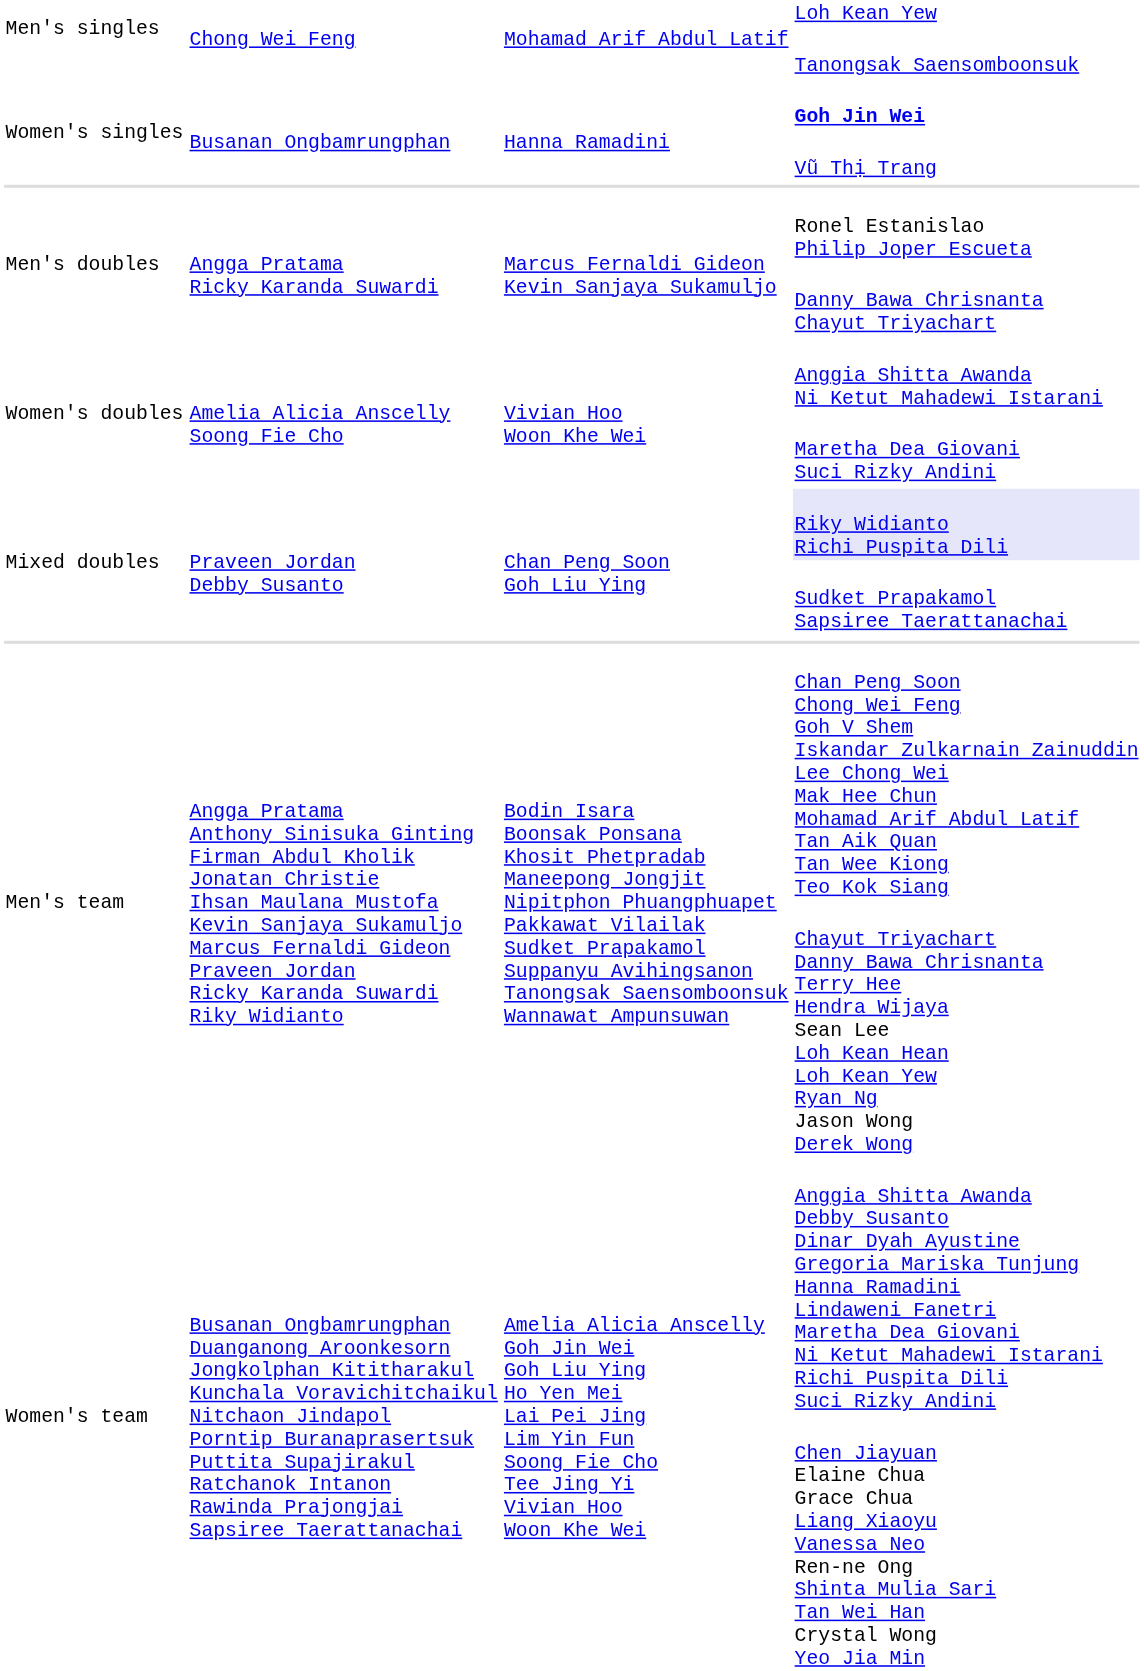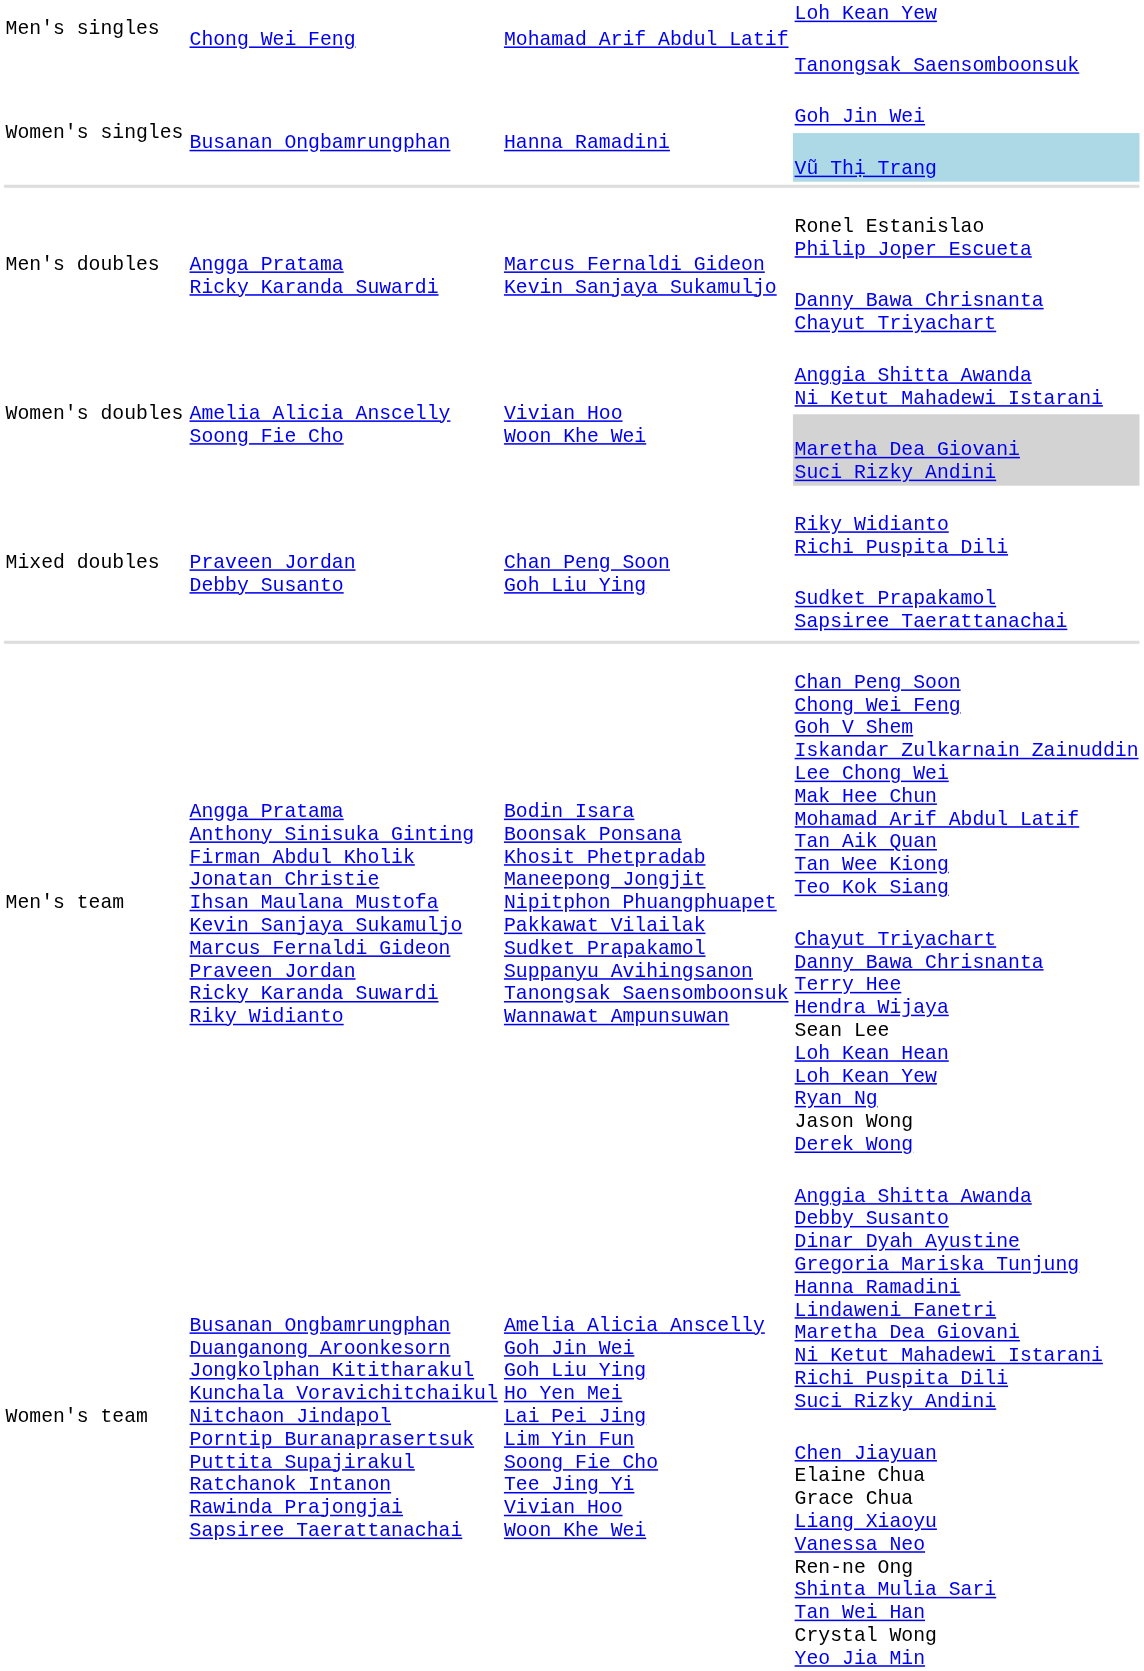 <table>
 <tr>
 <td rowspan=2>Men's singles<br></td>
 <td rowspan=2> <br> <a href='#'>Chong Wei Feng</a></td>
 <td rowspan=2> <br> <a href='#'>Mohamad Arif Abdul Latif</a></td>
 <td> <br> <a href='#'>Loh Kean Yew</a></td>
 </tr>
 <tr>
 <td> <br> <a href='#'>Tanongsak Saensomboonsuk</a></td>
 </tr>
 <tr>
 <td rowspan=2>Women's singles<br></td>
 <td rowspan=2> <br> <a href='#'>Busanan Ongbamrungphan</a></td>
 <td rowspan=2> <br> <a href='#'>Hanna Ramadini</a></td>
-<td><strong> <br> <a href='#'>Goh Jin Wei</a></strong></td>
+<td> <br> <a href='#'>Goh Jin Wei</a></td>
 </tr>
 <tr>
-<td> <br> <a href='#'>Vũ Thị Trang</a></td>
+<td style="background: lightblue;"> <br> <a href='#'>Vũ Thị Trang</a></td>
 </tr>
 <tr style="background:#dddddd;">
 <td colspan=7></td>
 </tr>
 <tr>
 <td rowspan=2>Men's doubles<br></td>
 <td rowspan=2><br><a href='#'>Angga Pratama</a><br><a href='#'>Ricky Karanda Suwardi</a></td>
 <td rowspan=2><br><a href='#'>Marcus Fernaldi Gideon</a><br><a href='#'>Kevin Sanjaya Sukamuljo</a></td>
 <td><br>Ronel Estanislao<br><a href='#'>Philip Joper Escueta</a></td>
 </tr>
 <tr>
 <td><br><a href='#'>Danny Bawa Chrisnanta</a><br><a href='#'>Chayut Triyachart</a></td>
 </tr>
 <tr>
 <td rowspan=2>Women's doubles<br></td>
 <td rowspan=2><br><a href='#'>Amelia Alicia Anscelly</a><br><a href='#'>Soong Fie Cho</a></td>
 <td rowspan=2><br><a href='#'>Vivian Hoo</a><br><a href='#'>Woon Khe Wei</a></td>
 <td><br><a href='#'>Anggia Shitta Awanda</a><br><a href='#'>Ni Ketut Mahadewi Istarani</a></td>
 </tr>
 <tr>
-<td><br><a href='#'>Maretha Dea Giovani</a><br><a href='#'>Suci Rizky Andini</a></td>
+<td style="background: lightgrey;"><br><a href='#'>Maretha Dea Giovani</a><br><a href='#'>Suci Rizky Andini</a></td>
 </tr>
 <tr>
 <td rowspan=2>Mixed doubles<br></td>
 <td rowspan=2><br> <a href='#'>Praveen Jordan</a> <br> <a href='#'>Debby Susanto</a></td>
 <td rowspan=2><br> <a href='#'>Chan Peng Soon</a> <br><a href='#'>Goh Liu Ying</a></td>
-<td style="background: lavender;"><br><a href='#'>Riky Widianto</a><br><a href='#'>Richi Puspita Dili</a></td>
+<td><br><a href='#'>Riky Widianto</a><br><a href='#'>Richi Puspita Dili</a></td>
 </tr>
 <tr>
 <td><br><a href='#'>Sudket Prapakamol</a><br><a href='#'>Sapsiree Taerattanachai</a></td>
 </tr>
 <tr>
 </tr>
 <tr style="background:#dddddd;">
 <td colspan=7></td>
 </tr>
 <tr>
 <td rowspan=2>Men's team<br></td>
 <td rowspan=2><br><a href='#'>Angga Pratama</a><br><a href='#'>Anthony Sinisuka Ginting</a><br><a href='#'>Firman Abdul Kholik</a><br><a href='#'>Jonatan Christie</a><br><a href='#'>Ihsan Maulana Mustofa</a><br><a href='#'>Kevin Sanjaya Sukamuljo</a><br><a href='#'>Marcus Fernaldi Gideon</a><br><a href='#'>Praveen Jordan</a><br><a href='#'>Ricky Karanda Suwardi</a><br><a href='#'>Riky Widianto</a></td>
 <td rowspan=2><br><a href='#'>Bodin Isara</a><br><a href='#'>Boonsak Ponsana</a><br><a href='#'>Khosit Phetpradab</a><br><a href='#'>Maneepong Jongjit</a><br><a href='#'>Nipitphon Phuangphuapet</a><br><a href='#'>Pakkawat Vilailak</a><br><a href='#'>Sudket Prapakamol</a><br><a href='#'>Suppanyu Avihingsanon</a><br><a href='#'>Tanongsak Saensomboonsuk</a><br><a href='#'>Wannawat Ampunsuwan</a></td>
 <td><br><a href='#'>Chan Peng Soon</a><br><a href='#'>Chong Wei Feng</a><br><a href='#'>Goh V Shem</a><br><a href='#'>Iskandar Zulkarnain Zainuddin</a><br><a href='#'>Lee Chong Wei</a><br><a href='#'>Mak Hee Chun</a><br><a href='#'>Mohamad Arif Abdul Latif</a><br><a href='#'>Tan Aik Quan</a><br><a href='#'>Tan Wee Kiong</a><br><a href='#'>Teo Kok Siang</a></td>
 </tr>
 <tr>
 <td><br><a href='#'>Chayut Triyachart</a><br><a href='#'>Danny Bawa Chrisnanta</a><br><a href='#'>Terry Hee</a><br><a href='#'>Hendra Wijaya</a><br>Sean Lee<br><a href='#'>Loh Kean Hean</a><br><a href='#'>Loh Kean Yew</a><br><a href='#'>Ryan Ng</a><br>Jason Wong<br><a href='#'>Derek Wong</a></td>
 </tr>
 <tr>
 <td rowspan=2>Women's team<br></td>
 <td rowspan=2><br><a href='#'>Busanan Ongbamrungphan</a><br><a href='#'>Duanganong Aroonkesorn</a><br><a href='#'>Jongkolphan Kititharakul</a><br><a href='#'>Kunchala Voravichitchaikul</a><br><a href='#'>Nitchaon Jindapol</a><br><a href='#'>Porntip Buranaprasertsuk</a><br><a href='#'>Puttita Supajirakul</a><br><a href='#'>Ratchanok Intanon</a><br><a href='#'>Rawinda Prajongjai</a><br><a href='#'>Sapsiree Taerattanachai</a></td>
 <td rowspan=2><br><a href='#'>Amelia Alicia Anscelly</a><br><a href='#'>Goh Jin Wei</a><br><a href='#'>Goh Liu Ying</a><br><a href='#'>Ho Yen Mei</a><br><a href='#'>Lai Pei Jing</a><br><a href='#'>Lim Yin Fun</a><br><a href='#'>Soong Fie Cho</a><br><a href='#'>Tee Jing Yi</a><br><a href='#'>Vivian Hoo</a><br><a href='#'>Woon Khe Wei</a></td>
 <td><br><a href='#'>Anggia Shitta Awanda</a><br><a href='#'>Debby Susanto</a><br><a href='#'>Dinar Dyah Ayustine</a><br><a href='#'>Gregoria Mariska Tunjung</a><br><a href='#'>Hanna Ramadini</a><br><a href='#'>Lindaweni Fanetri</a><br><a href='#'>Maretha Dea Giovani</a><br><a href='#'>Ni Ketut Mahadewi Istarani</a><br><a href='#'>Richi Puspita Dili</a><br><a href='#'>Suci Rizky Andini</a></td>
 </tr>
 <tr>
 <td><br><a href='#'>Chen Jiayuan</a><br>Elaine Chua<br>Grace Chua<br><a href='#'>Liang Xiaoyu</a><br><a href='#'>Vanessa Neo</a><br>Ren-ne Ong<br><a href='#'>Shinta Mulia Sari</a><br><a href='#'>Tan Wei Han</a><br>Crystal Wong<br><a href='#'>Yeo Jia Min</a></td>
 </tr>
 </table>
